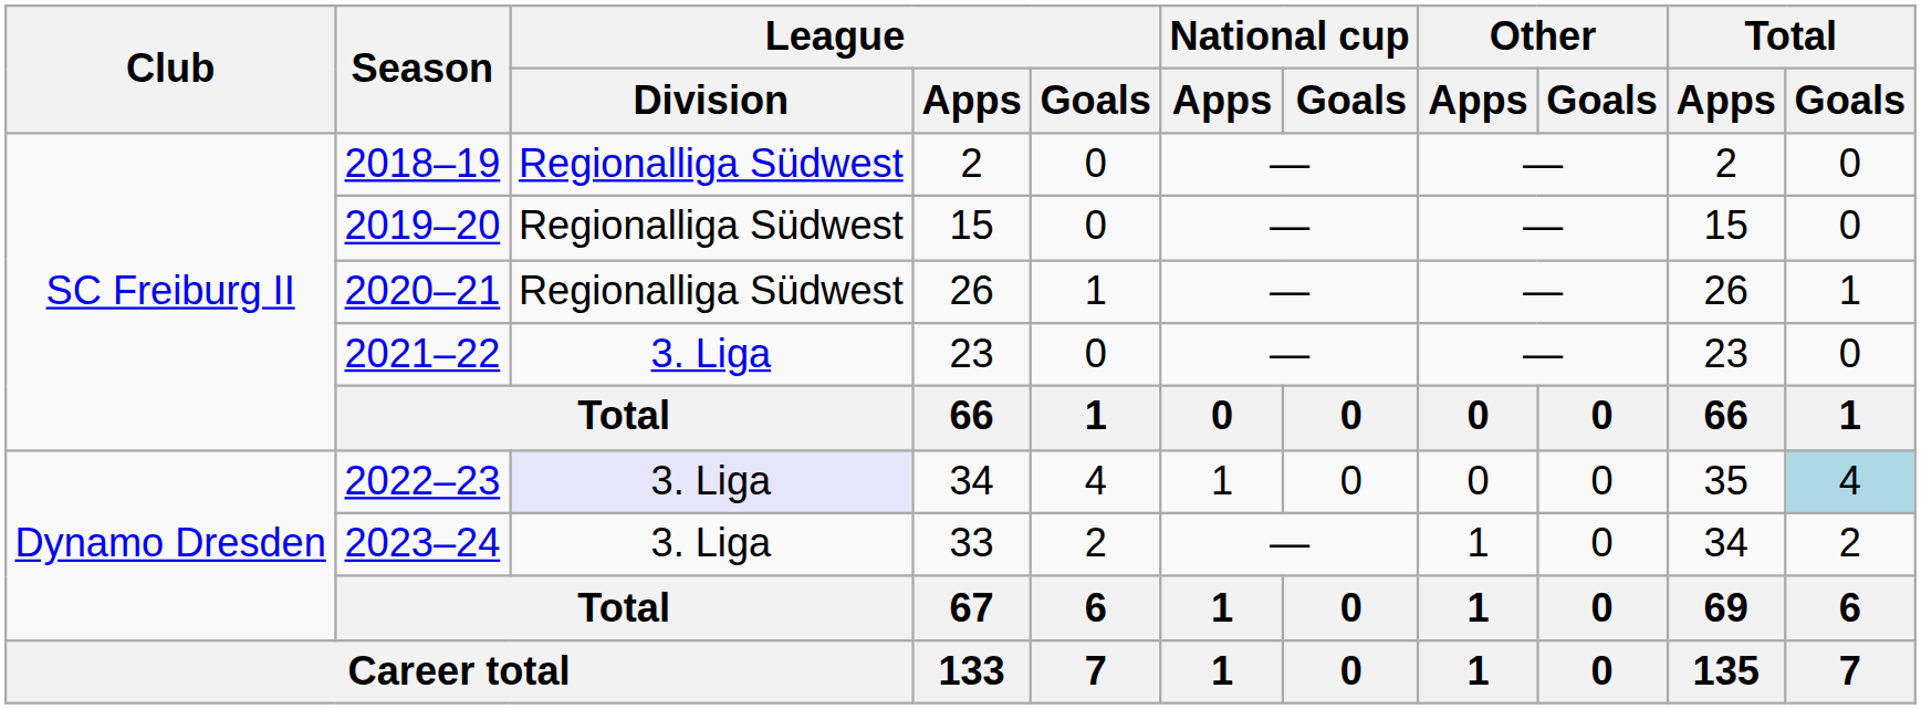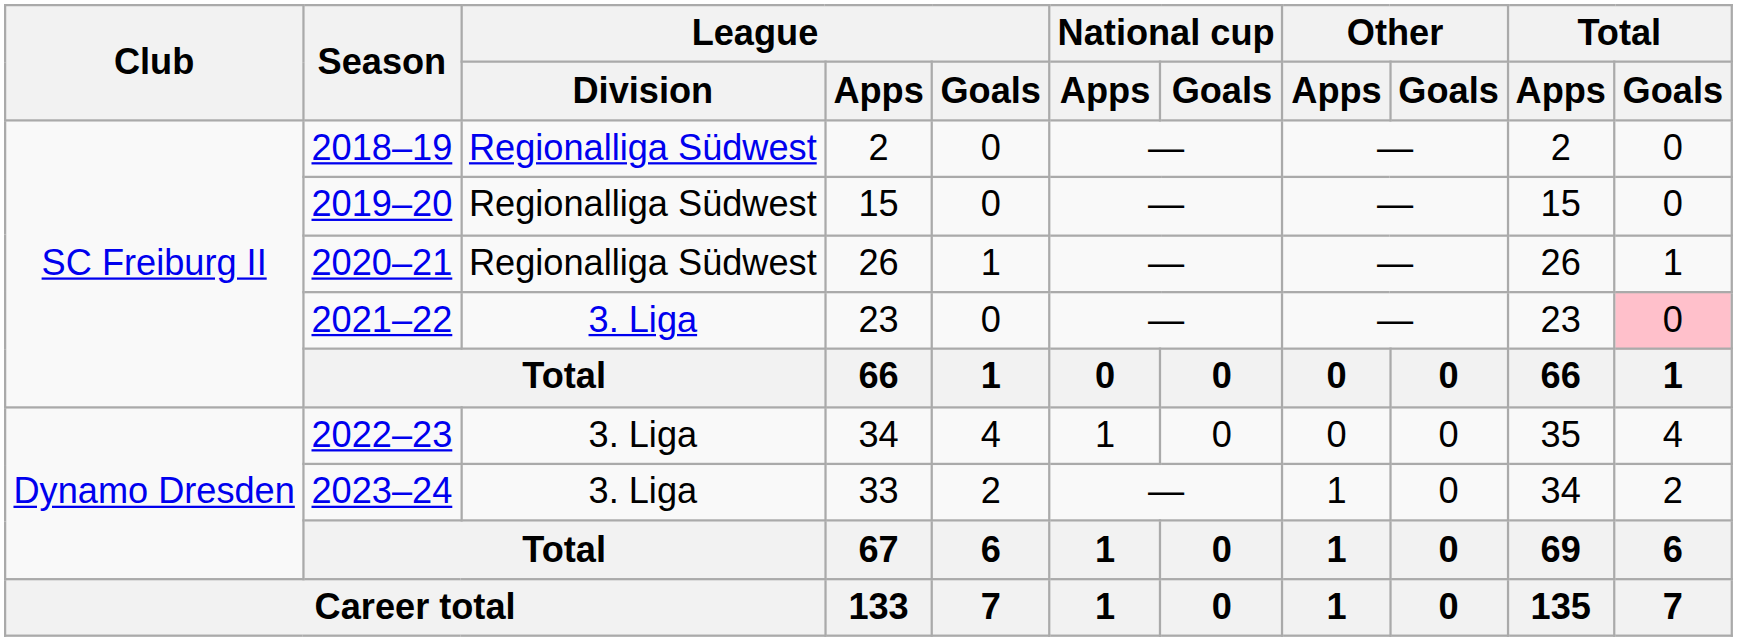 <table class="wikitable" Style="text-align: center">
 <tr>
 <th rowspan="2">Club</th>
 <th rowspan="2">Season</th>
 <th colspan="3">League</th>
 <th colspan="2">National cup</th>
 <th colspan="2">Other</th>
 <th colspan="2">Total</th>
 </tr>
 <tr>
 <th>Division</th>
 <th>Apps</th>
 <th>Goals</th>
 <th>Apps</th>
 <th>Goals</th>
 <th>Apps</th>
 <th>Goals</th>
 <th>Apps</th>
 <th>Goals</th>
 </tr>
 <tr>
 <td rowspan="5"><a href='#'>SC Freiburg II</a></td>
 <td><a href='#'>2018–19</a></td>
 <td><a href='#'>Regionalliga Südwest</a></td>
 <td>2</td>
 <td>0</td>
 <td colspan="2">—</td>
 <td colspan="2">—</td>
 <td>2</td>
 <td>0</td>
 </tr>
 <tr>
 <td><a href='#'>2019–20</a></td>
 <td>Regionalliga Südwest</td>
 <td>15</td>
 <td>0</td>
 <td colspan="2">—</td>
 <td colspan="2">—</td>
 <td>15</td>
 <td>0</td>
 </tr>
 <tr>
 <td><a href='#'>2020–21</a></td>
 <td>Regionalliga Südwest</td>
 <td>26</td>
 <td>1</td>
 <td colspan="2">—</td>
 <td colspan="2">—</td>
 <td>26</td>
 <td>1</td>
 </tr>
 <tr>
 <td><a href='#'>2021–22</a></td>
 <td><a href='#'>3. Liga</a></td>
 <td>23</td>
 <td>0</td>
 <td colspan="2">—</td>
 <td colspan="2">—</td>
 <td>23</td>
-<td>0</td>
+<td style="background: pink;">0</td>
 </tr>
 <tr>
 <th colspan="2">Total</th>
 <th>66</th>
 <th>1</th>
 <th>0</th>
 <th>0</th>
 <th>0</th>
 <th>0</th>
 <th>66</th>
 <th>1</th>
 </tr>
 <tr>
 <td rowspan="3"><a href='#'>Dynamo Dresden</a></td>
 <td><a href='#'>2022–23</a></td>
-<td style="background: lavender;">3. Liga</td>
+<td>3. Liga</td>
 <td>34</td>
 <td>4</td>
 <td>1</td>
 <td>0</td>
 <td>0</td>
 <td>0</td>
 <td>35</td>
-<td style="background: lightblue;">4</td>
+<td>4</td>
 </tr>
 <tr>
 <td><a href='#'>2023–24</a></td>
 <td>3. Liga</td>
 <td>33</td>
 <td>2</td>
 <td colspan="2">—</td>
 <td>1</td>
 <td>0</td>
 <td>34</td>
 <td>2</td>
 </tr>
 <tr>
 <th colspan="2">Total</th>
 <th>67</th>
 <th>6</th>
 <th>1</th>
 <th>0</th>
 <th>1</th>
 <th>0</th>
 <th>69</th>
 <th>6</th>
 </tr>
 <tr>
 <th colspan="3">Career total</th>
 <th>133</th>
 <th>7</th>
 <th>1</th>
 <th>0</th>
 <th>1</th>
 <th>0</th>
 <th>135</th>
 <th>7</th>
 </tr>
 </table>
